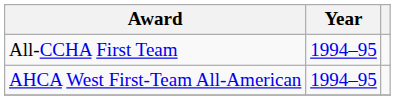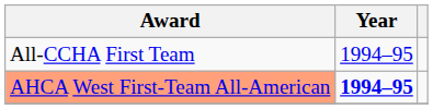 <table class="wikitable">
 <tr>
 <th>Award</th>
 <th>Year</th>
 <th></th>
 </tr>
 <tr>
 <td>All-<a href='#'>CCHA</a> <a href='#'>First Team</a></td>
 <td><a href='#'>1994–95</a></td>
 <td></td>
 </tr>
 <tr>
-<td><a href='#'>AHCA</a> <a href='#'>West First-Team All-American</a></td>
-<td><a href='#'>1994–95</a></td>
+<td style="background: lightsalmon;"><a href='#'>AHCA</a> <a href='#'>West First-Team All-American</a></td>
+<td><strong><a href='#'>1994–95</a></strong></td>
 <td></td>
 </tr>
 <tr>
 </tr>
 </table>
